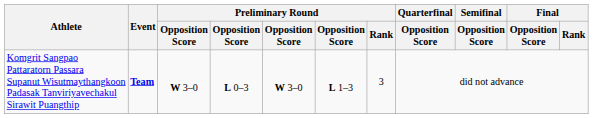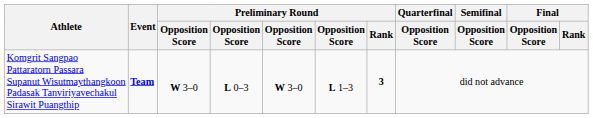 <table class=wikitable style=font-size:90%;text-align:center>
 <tr>
 <th rowspan="2">Athlete</th>
 <th rowspan="2">Event</th>
 <th colspan="5">Preliminary Round</th>
 <th>Quarterfinal</th>
 <th>Semifinal</th>
 <th colspan="2">Final</th>
 </tr>
 <tr>
 <th>Opposition<br>Score</th>
 <th>Opposition<br>Score</th>
 <th>Opposition<br>Score</th>
 <th>Opposition<br>Score</th>
 <th>Rank</th>
 <th>Opposition<br>Score</th>
 <th>Opposition<br>Score</th>
 <th>Opposition<br>Score</th>
 <th>Rank</th>
 </tr>
 <tr>
 <td align=left><a href='#'>Komgrit Sangpao</a><br><a href='#'>Pattaratorn Passara</a><br><a href='#'>Supanut Wisutmaythangkoon</a><br><a href='#'>Padasak Tanviriyavechakul</a><br><a href='#'>Sirawit Puangthip</a></td>
 <td align=left><strong><a href='#'>Team</a></strong></td>
 <td> <br> <strong>W</strong>  3–0</td>
 <td> <br> <strong>L</strong> 0–3</td>
 <td> <br> <strong>W</strong>  3–0</td>
 <td> <br> <strong>L</strong> 1–3</td>
-<td>3</td>
+<td><strong>3</strong></td>
 <td colspan=4>did not advance</td>
 </tr>
 </table>
